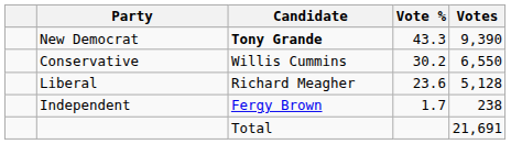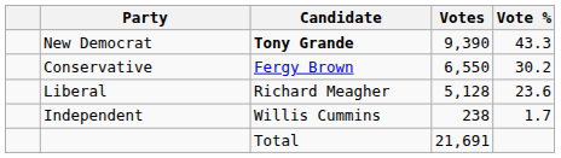 <table class="wikitable">
 <tr>
 <th></th>
 <th scope="col" width="175">Party</th>
 <th scope="col" width="150">Candidate</th>
+<th>Votes</th>
 <th>Vote %</th>
-<th>Votes</th>
 </tr>
 <tr>
 <td>   </td>
 <td>New Democrat</td>
 <td><strong>Tony Grande</strong></td>
+<td align=right>9,390</td>
 <td align=right>43.3</td>
-<td align=right>9,390</td>
 </tr>
 <tr |>
 <td>   </td>
 <td>Conservative</td>
-<td>Willis Cummins</td>
+<td><a href='#'>Fergy Brown</a></td>
+<td align=right>6,550</td>
 <td align=right>30.2</td>
-<td align=right>6,550</td>
 </tr>
 <tr |>
 <td>   </td>
 <td>Liberal</td>
 <td>Richard Meagher</td>
+<td align=right>5,128</td>
 <td align=right>23.6</td>
-<td align=right>5,128</td>
 </tr>
 <tr |>
 <td>   </td>
 <td>Independent</td>
-<td><a href='#'>Fergy Brown</a></td>
+<td>Willis Cummins</td>
+<td align=right>238</td>
 <td align=right>1.7<br> </td>
-<td align=right>238</td>
 </tr>
 <tr |>
 <td></td>
 <td></td>
 <td>Total</td>
+<td align=right>21,691</td>
 <td></td>
-<td align=right>21,691</td>
 </tr>
 </table>
